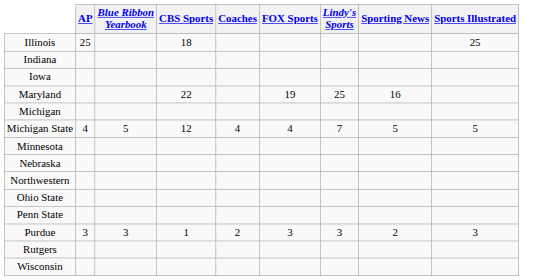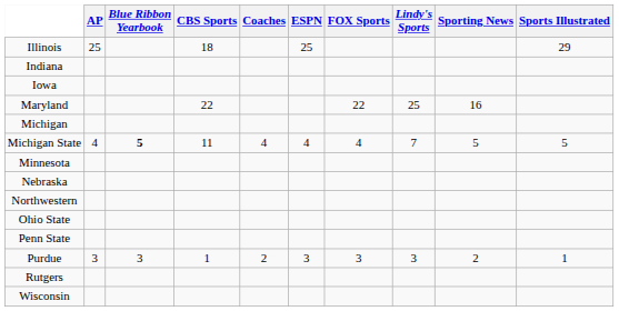 <table class="wikitable" style="white-space:nowrap; text-align:center">
 <tr>
 <td style="background:white; border-top-style:hidden; border-left-style:hidden;"></td>
 <th><a href='#'>AP</a></th>
 <th><em><a href='#'>Blue Ribbon<br>Yearbook</a></em></th>
 <th><a href='#'>CBS Sports</a></th>
 <th><a href='#'>Coaches</a></th>
+<th><a href='#'>ESPN</a></th>
 <th><a href='#'>FOX Sports</a></th>
 <th><em><a href='#'>Lindy's<br>Sports</a></em></th>
 <th><a href='#'>Sporting News</a></th>
 <th><a href='#'>Sports Illustrated</a></th>
 </tr>
 <tr>
 <td style="background:#">Illinois</td>
 <td>25</td>
 <td></td>
 <td>18</td>
 <td></td>
+<td>25</td>
 <td></td>
 <td></td>
 <td></td>
-<td>25</td>
+<td>29</td>
 </tr>
 <tr>
 <td style=>Indiana</td>
+<td></td>
 <td></td>
 <td></td>
 <td></td>
 <td></td>
 <td></td>
 <td></td>
 <td></td>
 <td></td>
 </tr>
 <tr>
 <td style=>Iowa</td>
 <td></td>
 <td></td>
 <td></td>
 <td></td>
 <td></td>
 <td></td>
 <td></td>
 <td></td>
+<td></td>
 </tr>
 <tr>
 <td style=>Maryland</td>
 <td></td>
 <td></td>
 <td>22</td>
 <td></td>
-<td>19</td>
+<td></td>
+<td>22</td>
 <td>25</td>
 <td>16</td>
 <td></td>
 </tr>
 <tr>
 <td style=>Michigan</td>
 <td></td>
 <td></td>
 <td></td>
 <td></td>
 <td></td>
 <td></td>
 <td></td>
 <td></td>
+<td></td>
 </tr>
 <tr>
 <td style=>Michigan State</td>
 <td>4</td>
-<td>5</td>
-<td>12</td>
+<td><strong>5</strong></td>
+<td>11</td>
+<td>4</td>
 <td>4</td>
 <td>4</td>
 <td>7</td>
 <td>5</td>
 <td>5</td>
 </tr>
 <tr>
 <td style=>Minnesota</td>
+<td></td>
 <td></td>
 <td></td>
 <td></td>
 <td></td>
 <td></td>
 <td></td>
 <td></td>
 <td></td>
 </tr>
 <tr>
 <td style=>Nebraska</td>
 <td></td>
 <td></td>
 <td></td>
 <td></td>
 <td></td>
 <td></td>
 <td></td>
 <td></td>
+<td></td>
 </tr>
 <tr>
 <td style=>Northwestern</td>
+<td></td>
 <td></td>
 <td></td>
 <td></td>
 <td></td>
 <td></td>
 <td></td>
 <td></td>
 <td></td>
 </tr>
 <tr>
 <td style=>Ohio State</td>
 <td></td>
 <td></td>
 <td></td>
 <td></td>
 <td></td>
 <td></td>
 <td></td>
 <td></td>
+<td></td>
 </tr>
 <tr>
 <td style=>Penn State</td>
+<td></td>
 <td></td>
 <td></td>
 <td></td>
 <td></td>
 <td></td>
 <td></td>
 <td></td>
 <td></td>
 </tr>
 <tr>
 <td style=>Purdue</td>
 <td>3</td>
 <td>3</td>
 <td>1</td>
 <td>2</td>
 <td>3</td>
 <td>3</td>
+<td>3</td>
 <td>2</td>
-<td>3</td>
+<td>1</td>
 </tr>
 <tr>
 <td style=>Rutgers</td>
+<td></td>
 <td></td>
 <td></td>
 <td></td>
 <td></td>
 <td></td>
 <td></td>
 <td></td>
 <td></td>
 </tr>
 <tr>
 <td style=>Wisconsin</td>
 <td></td>
 <td></td>
 <td></td>
 <td></td>
 <td></td>
 <td></td>
 <td></td>
 <td></td>
+<td></td>
 </tr>
 </table>
